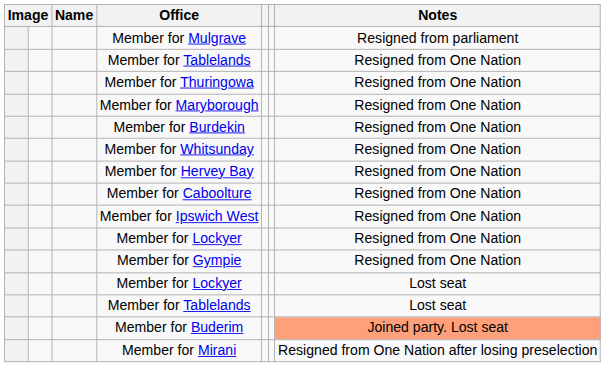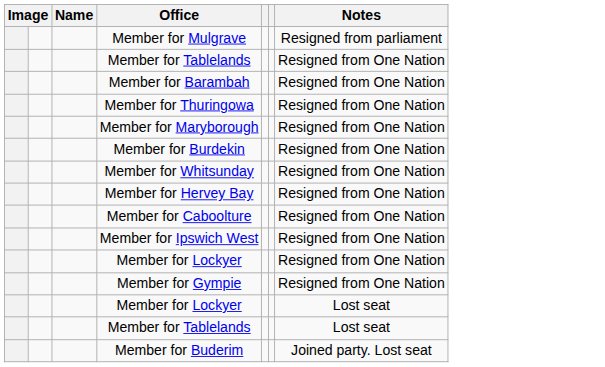 <table class="wikitable" style="text-align:center" "width:100%">
 <tr>
 <th colspan=2>Image</th>
 <th>Name<br></th>
 <th>Office</th>
 <th></th>
 <th></th>
 <th>Notes</th>
 </tr>
 <tr>
 <th style="background:"></th>
 <td></td>
 <td><br></td>
 <td>Member for <a href='#'>Mulgrave</a></td>
 <td></td>
 <td></td>
 <td>Resigned from parliament</td>
 </tr>
 <tr>
 <th style="background:"></th>
 <td></td>
 <td><br></td>
 <td>Member for <a href='#'>Tablelands</a></td>
+<td></td>
+<td></td>
+<td>Resigned from One Nation</td>
+</tr>
+<tr>
+<th style="background:"></th>
+<td></td>
+<td><br></td>
+<td>Member for <a href='#'>Barambah</a></td>
 <td></td>
 <td></td>
 <td>Resigned from One Nation</td>
 </tr>
 <tr>
 <th style="background:"></th>
 <td></td>
 <td><br></td>
 <td>Member for <a href='#'>Thuringowa</a></td>
 <td></td>
 <td></td>
 <td>Resigned from One Nation</td>
 </tr>
 <tr>
 <th style="background:"></th>
 <td></td>
 <td><br></td>
 <td>Member for <a href='#'>Maryborough</a></td>
 <td></td>
 <td></td>
 <td>Resigned from One Nation</td>
 </tr>
 <tr>
 <th style="background:"></th>
 <td></td>
 <td><br></td>
 <td>Member for <a href='#'>Burdekin</a></td>
 <td></td>
 <td></td>
 <td>Resigned from One Nation</td>
 </tr>
 <tr>
 <th style="background:"></th>
 <td></td>
 <td><br></td>
 <td>Member for <a href='#'>Whitsunday</a></td>
 <td></td>
 <td></td>
 <td>Resigned from One Nation</td>
 </tr>
 <tr>
 <th style="background:"></th>
 <td></td>
 <td><br></td>
 <td>Member for <a href='#'>Hervey Bay</a></td>
 <td></td>
 <td></td>
 <td>Resigned from One Nation</td>
 </tr>
 <tr>
 <th style="background:"></th>
 <td></td>
 <td><br></td>
 <td>Member for <a href='#'>Caboolture</a></td>
 <td></td>
 <td></td>
 <td>Resigned from One Nation</td>
 </tr>
 <tr>
 <th style="background:"></th>
 <td></td>
 <td><br></td>
 <td>Member for <a href='#'>Ipswich West</a></td>
 <td></td>
 <td></td>
 <td>Resigned from One Nation</td>
 </tr>
 <tr>
 <th style="background:"></th>
 <td></td>
 <td><br></td>
 <td>Member for <a href='#'>Lockyer</a></td>
 <td></td>
 <td></td>
 <td>Resigned from One Nation</td>
 </tr>
 <tr>
 <th style="background:"></th>
 <td></td>
 <td><br></td>
 <td>Member for <a href='#'>Gympie</a></td>
 <td></td>
 <td></td>
 <td>Resigned from One Nation</td>
 </tr>
 <tr>
 <th style="background:"></th>
 <td></td>
 <td><br></td>
 <td>Member for <a href='#'>Lockyer</a></td>
 <td></td>
 <td></td>
 <td>Lost seat</td>
 </tr>
 <tr>
 <th style="background:"></th>
 <td></td>
 <td><br></td>
 <td>Member for <a href='#'>Tablelands</a></td>
 <td></td>
 <td></td>
 <td>Lost seat</td>
 </tr>
 <tr>
 <th style="background:"></th>
 <td></td>
 <td><br></td>
 <td>Member for <a href='#'>Buderim</a></td>
 <td></td>
 <td></td>
-<td style="background: lightsalmon;">Joined party. Lost seat</td>
-</tr>
-<tr>
-<th style="background:"></th>
-<td></td>
-<td><br></td>
-<td>Member for <a href='#'>Mirani</a></td>
-<td></td>
-<td></td>
-<td>Resigned from One Nation after losing preselection</td>
+<td>Joined party. Lost seat</td>
 </tr>
 </table>
